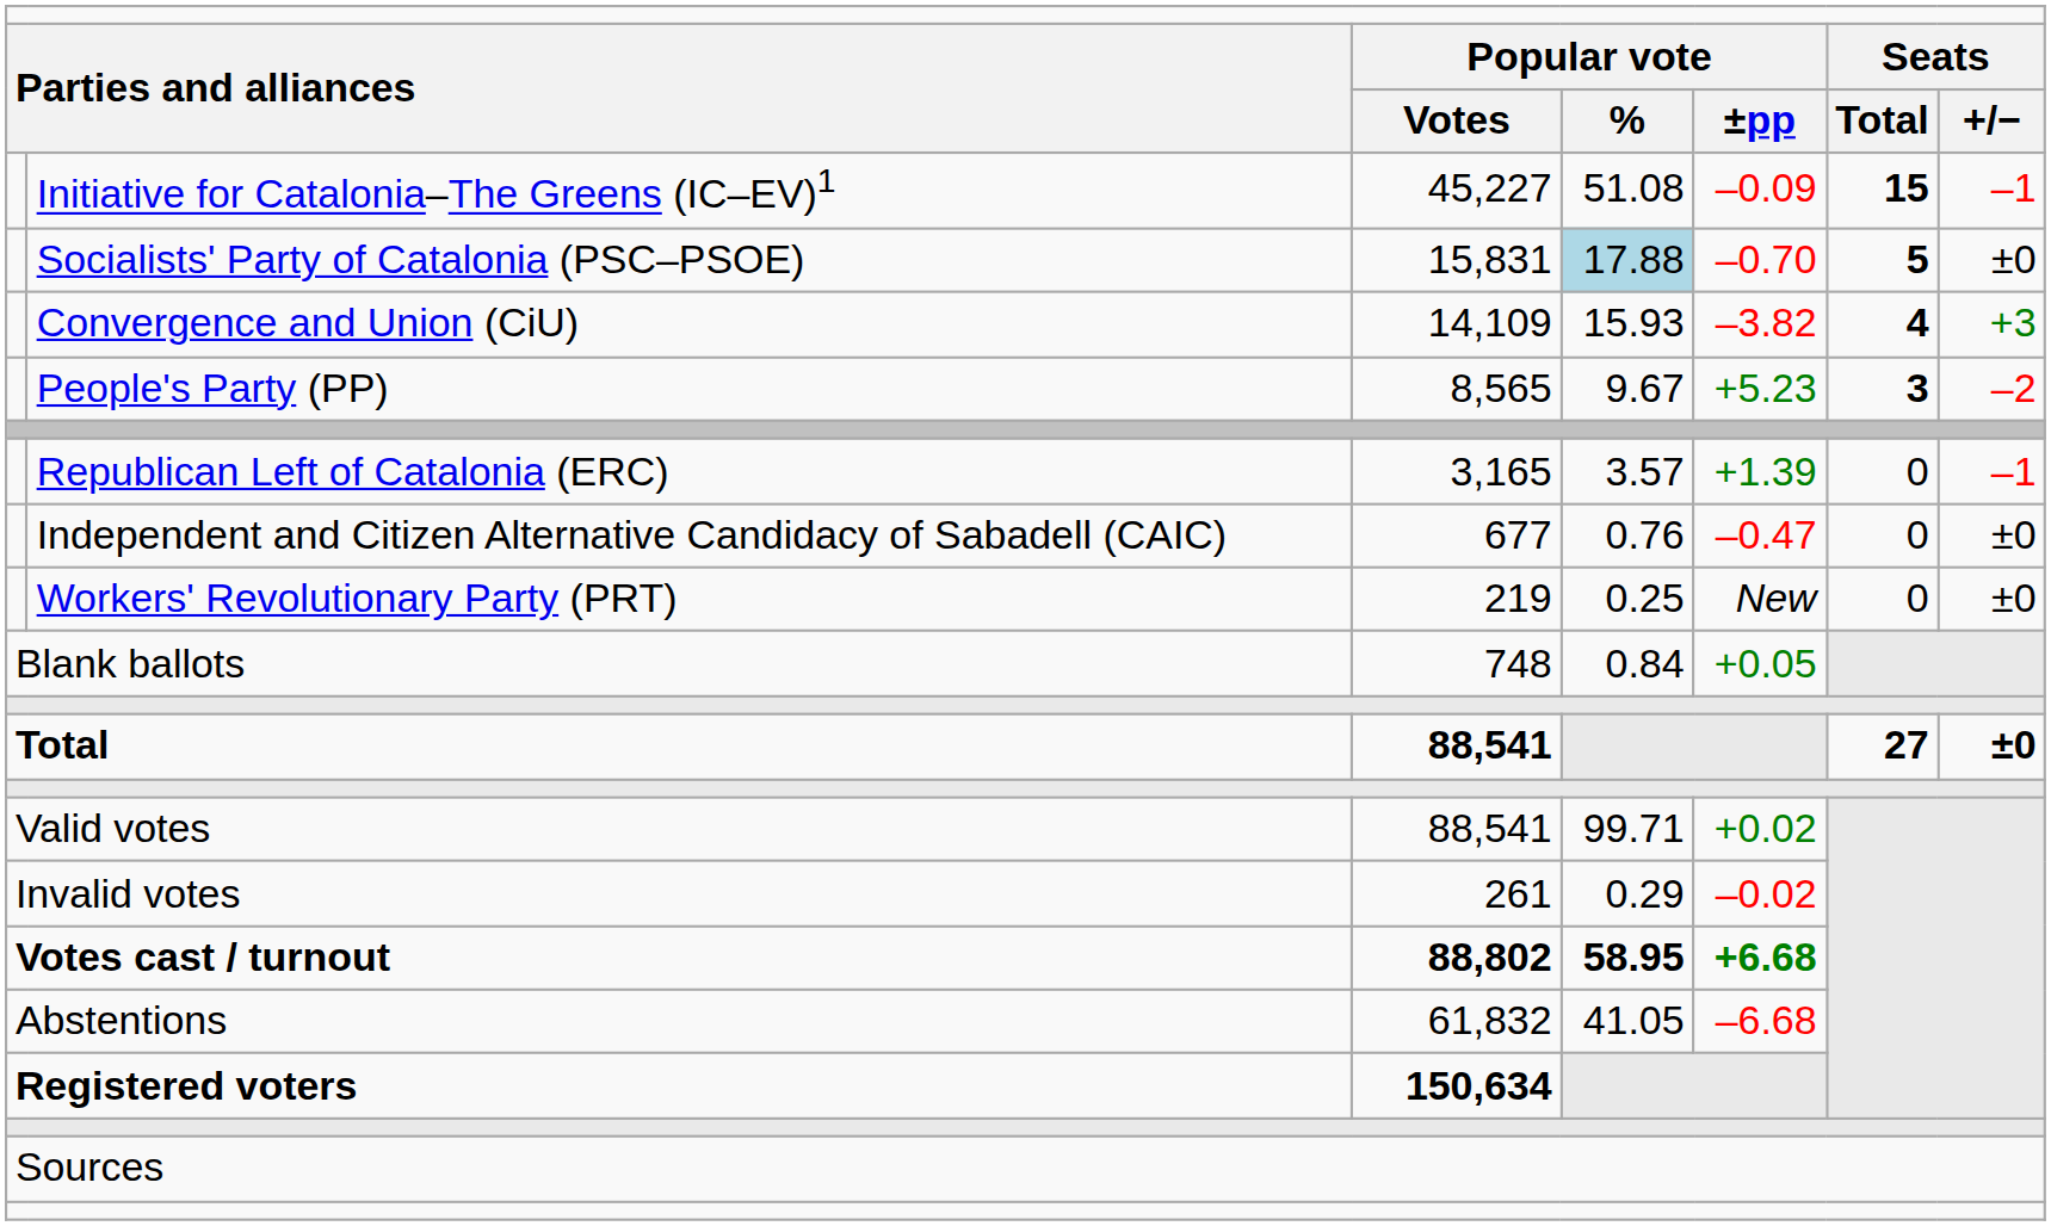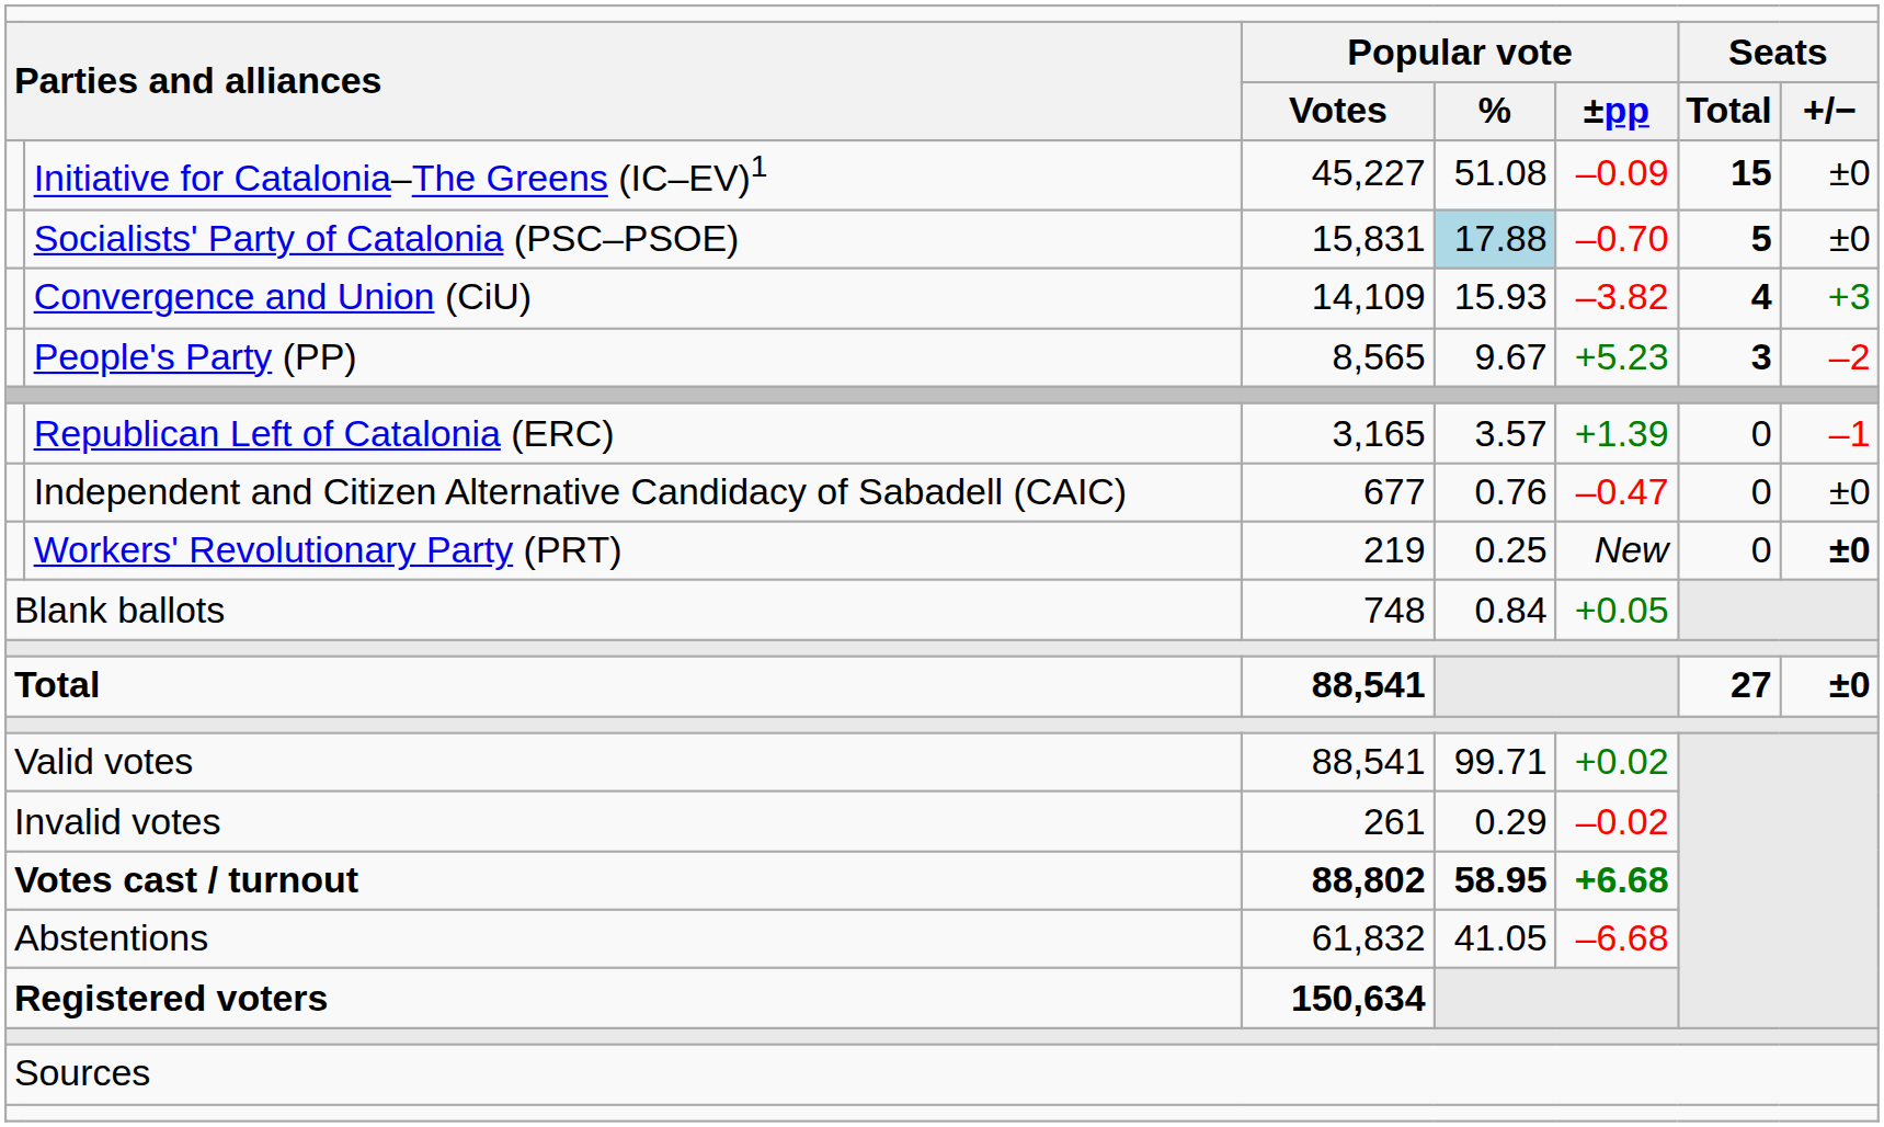 <table class="wikitable" style="text-align:right;">
 <tr>
 <td colspan="7"></td>
 </tr>
 <tr>
 <th style="text-align:left;" rowspan="2" colspan="2" width="525">Parties and alliances</th>
 <th colspan="3">Popular vote</th>
 <th colspan="2">Seats</th>
 </tr>
 <tr>
 <th width="75">Votes</th>
 <th width="45">%</th>
 <th width="45">±<a href='#'>pp</a></th>
 <th width="35">Total</th>
 <th width="35">+/−</th>
 </tr>
 <tr>
 <td width="1" style="color:inherit;background:"></td>
 <td align="left"><a href='#'>Initiative for Catalonia</a>–<a href='#'>The Greens</a> (IC–EV)<sup>1</sup></td>
 <td>45,227</td>
 <td>51.08</td>
 <td style="color:red;">–0.09</td>
 <td><strong>15</strong></td>
-<td style="color:red;">–1</td>
+<td>±0</td>
 </tr>
 <tr>
 <td style="color:inherit;background:"></td>
 <td align="left"><a href='#'>Socialists' Party of Catalonia</a> (PSC–PSOE)</td>
 <td>15,831</td>
 <td style="background: lightblue;">17.88</td>
 <td style="color:red;">–0.70</td>
 <td><strong>5</strong></td>
 <td>±0</td>
 </tr>
 <tr>
 <td style="color:inherit;background:"></td>
 <td align="left"><a href='#'>Convergence and Union</a> (CiU)</td>
 <td>14,109</td>
 <td>15.93</td>
 <td style="color:red;">–3.82</td>
 <td><strong>4</strong></td>
 <td style="color:green;">+3</td>
 </tr>
 <tr>
 <td style="color:inherit;background:"></td>
 <td align="left"><a href='#'>People's Party</a> (PP)</td>
 <td>8,565</td>
 <td>9.67</td>
 <td style="color:green;">+5.23</td>
 <td><strong>3</strong></td>
 <td style="color:red;">–2</td>
 </tr>
 <tr>
 <td colspan="7" style="color:inherit;background:#C0C0C0"></td>
 </tr>
 <tr>
 <td style="color:inherit;background:"></td>
 <td align="left"><a href='#'>Republican Left of Catalonia</a> (ERC)</td>
 <td>3,165</td>
 <td>3.57</td>
 <td style="color:green;">+1.39</td>
 <td>0</td>
 <td style="color:red;">–1</td>
 </tr>
 <tr>
 <td style="color:inherit;background:"></td>
 <td align="left">Independent and Citizen Alternative Candidacy of Sabadell (CAIC)</td>
 <td>677</td>
 <td>0.76</td>
 <td style="color:red;">–0.47</td>
 <td>0</td>
 <td>±0</td>
 </tr>
 <tr>
 <td style="color:inherit;background:"></td>
 <td align="left"><a href='#'>Workers' Revolutionary Party</a> (PRT)</td>
 <td>219</td>
 <td>0.25</td>
 <td><em>New</em></td>
 <td>0</td>
-<td>±0</td>
+<td><strong>±0</strong></td>
 </tr>
 <tr>
 <td align="left" colspan="2">Blank ballots</td>
 <td>748</td>
 <td>0.84</td>
 <td style="color:green;">+0.05</td>
 <td style="color:inherit;background:#E9E9E9" colspan="2"></td>
 </tr>
 <tr>
 <td colspan="7" style="color:inherit;background:#E9E9E9"></td>
 </tr>
 <tr style="font-weight:bold;">
 <td align="left" colspan="2">Total</td>
 <td>88,541</td>
 <td bgcolor="#E9E9E9" colspan="2"></td>
 <td>27</td>
 <td>±0</td>
 </tr>
 <tr>
 <td colspan="7" style="color:inherit;background:#E9E9E9"></td>
 </tr>
 <tr>
 <td align="left" colspan="2">Valid votes</td>
 <td>88,541</td>
 <td>99.71</td>
 <td style="color:green;">+0.02</td>
 <td bgcolor="#E9E9E9" colspan="2" rowspan="5"></td>
 </tr>
 <tr>
 <td align="left" colspan="2">Invalid votes</td>
 <td>261</td>
 <td>0.29</td>
 <td style="color:red;">–0.02</td>
 </tr>
 <tr style="font-weight:bold;">
 <td align="left" colspan="2">Votes cast / turnout</td>
 <td>88,802</td>
 <td>58.95</td>
 <td style="color:green;">+6.68</td>
 </tr>
 <tr>
 <td align="left" colspan="2">Abstentions</td>
 <td>61,832</td>
 <td>41.05</td>
 <td style="color:red;">–6.68</td>
 </tr>
 <tr style="font-weight:bold;">
 <td align="left" colspan="2">Registered voters</td>
 <td>150,634</td>
 <td bgcolor="#E9E9E9" colspan="2"></td>
 </tr>
 <tr>
 <td colspan="7" style="color:inherit;background:#E9E9E9"></td>
 </tr>
 <tr>
 <td align="left" colspan="7">Sources</td>
 </tr>
 <tr>
 <td colspan="7" style="text-align:left; max-width:790px;"></td>
 </tr>
 </table>
